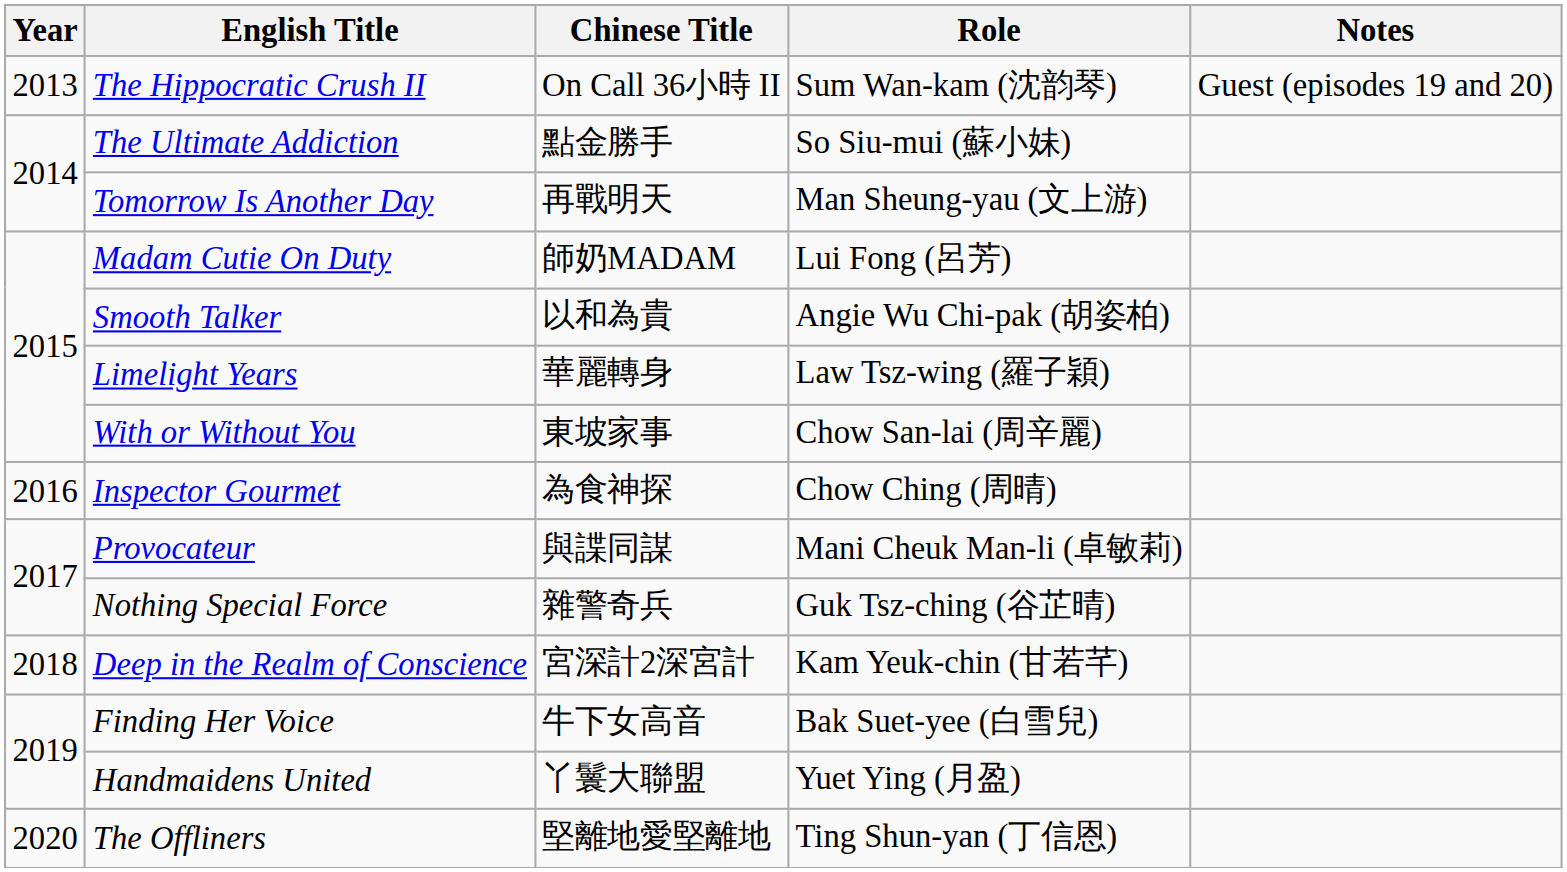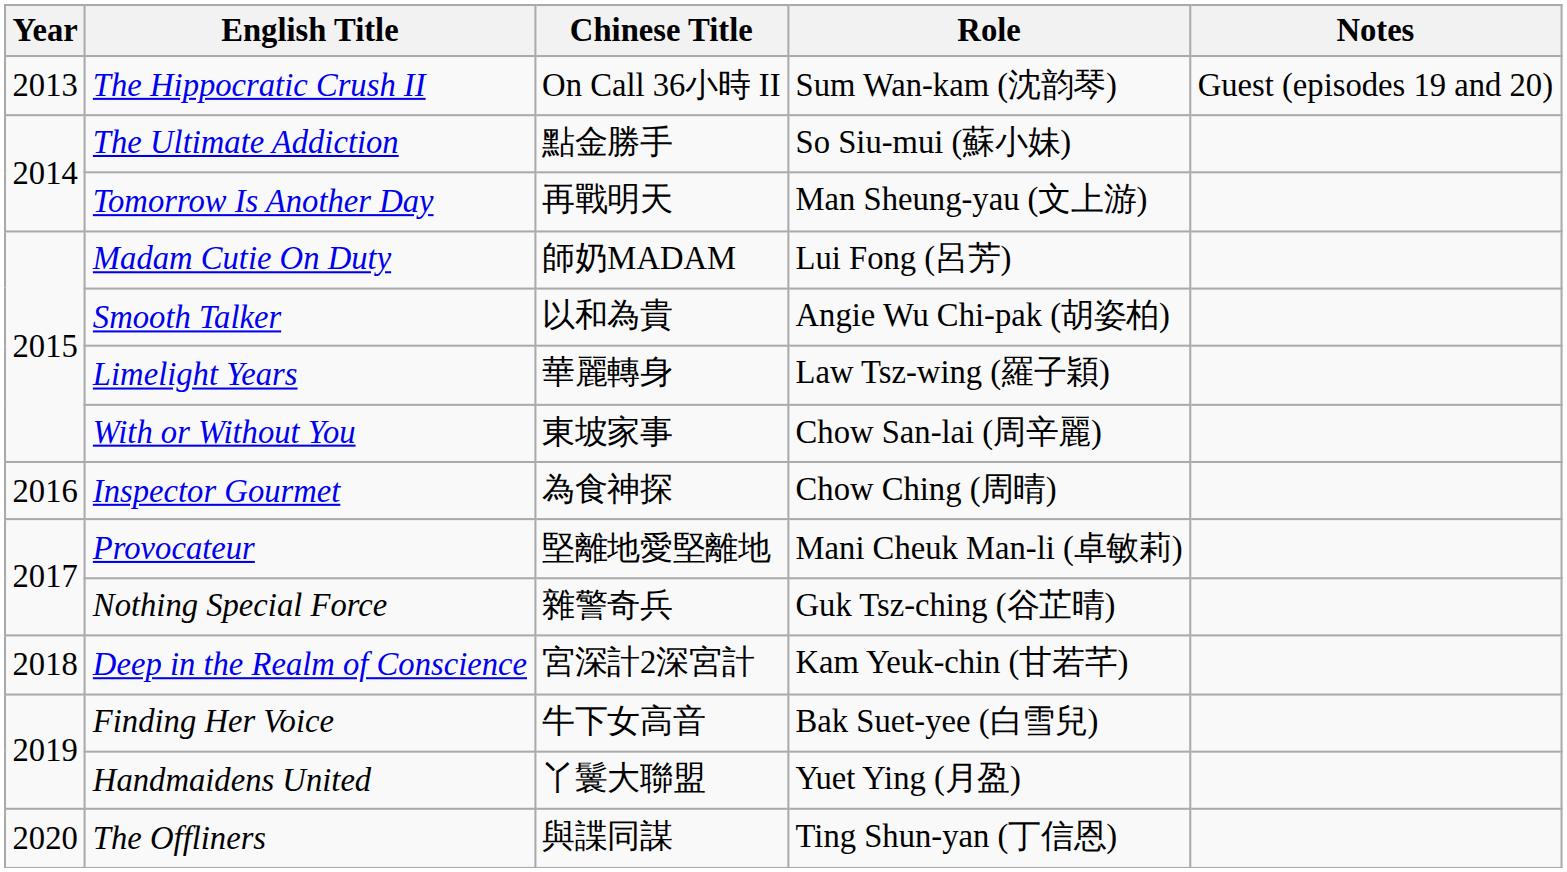 <table class="wikitable plainrowheaders sortable">
 <tr>
 <th scope="col">Year</th>
 <th scope="col">English Title</th>
 <th scope="col">Chinese Title</th>
 <th scope="col">Role</th>
 <th scope="col" class="unsortable">Notes</th>
 </tr>
 <tr>
 <td>2013</td>
 <td><em><a href='#'>The Hippocratic Crush II</a></em></td>
 <td>On Call 36小時 II</td>
 <td>Sum Wan-kam (沈韵琴)</td>
 <td>Guest (episodes 19 and 20)</td>
 </tr>
 <tr>
 <td rowspan="2">2014</td>
 <td><em><a href='#'>The Ultimate Addiction</a></em></td>
 <td>點金勝手</td>
 <td>So Siu-mui (蘇小妹)</td>
 <td></td>
 </tr>
 <tr>
 <td><em><a href='#'>Tomorrow Is Another Day</a></em></td>
 <td>再戰明天</td>
 <td>Man Sheung-yau (文上游)</td>
 <td></td>
 </tr>
 <tr>
 <td rowspan=4>2015</td>
 <td><em><a href='#'>Madam Cutie On Duty</a></em></td>
 <td>師奶MADAM</td>
 <td>Lui Fong (呂芳)</td>
 <td></td>
 </tr>
 <tr>
 <td><em><a href='#'>Smooth Talker</a></em></td>
 <td>以和為貴</td>
 <td>Angie Wu Chi-pak (胡姿柏)</td>
 <td></td>
 </tr>
 <tr>
 <td><em><a href='#'>Limelight Years</a></em></td>
 <td>華麗轉身</td>
 <td>Law Tsz-wing (羅子穎)</td>
 <td></td>
 </tr>
 <tr>
 <td><em><a href='#'>With or Without You</a></em></td>
 <td>東坡家事</td>
 <td>Chow San-lai (周辛麗)</td>
 <td></td>
 </tr>
 <tr>
 <td>2016</td>
 <td><em><a href='#'>Inspector Gourmet</a></em></td>
 <td>為食神探</td>
 <td>Chow Ching (周晴)</td>
 <td></td>
 </tr>
 <tr>
 <td rowspan=2>2017</td>
 <td><em><a href='#'>Provocateur</a></em></td>
-<td>與諜同謀</td>
+<td>堅離地愛堅離地</td>
 <td>Mani Cheuk Man-li (卓敏莉)</td>
 <td></td>
 </tr>
 <tr>
 <td><em>Nothing Special Force</em></td>
 <td>雜警奇兵</td>
 <td>Guk Tsz-ching (谷芷晴)</td>
 <td></td>
 </tr>
 <tr>
 <td>2018</td>
 <td><em><a href='#'>Deep in the Realm of Conscience</a></em></td>
 <td>宮深計2深宮計</td>
 <td>Kam Yeuk-chin (甘若芊)</td>
 <td></td>
 </tr>
 <tr>
 <td rowspan=2>2019</td>
 <td><em>Finding Her Voice</em></td>
 <td>牛下女高音</td>
 <td>Bak Suet-yee (白雪兒)</td>
 <td></td>
 </tr>
 <tr>
 <td><em>Handmaidens United</em></td>
 <td>丫鬟大聯盟</td>
 <td>Yuet Ying (月盈)</td>
 <td></td>
 </tr>
 <tr>
 <td>2020</td>
 <td><em> The Offliners</em></td>
-<td>堅離地愛堅離地</td>
+<td>與諜同謀</td>
 <td>Ting Shun-yan (丁信恩)</td>
 <td></td>
 </tr>
 </table>
